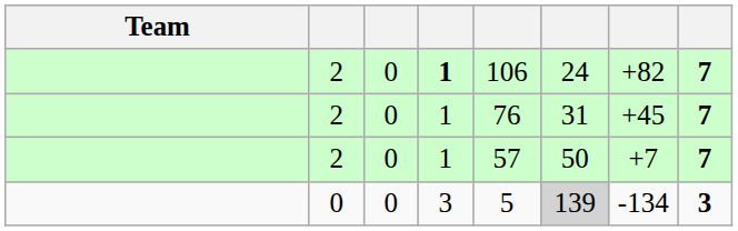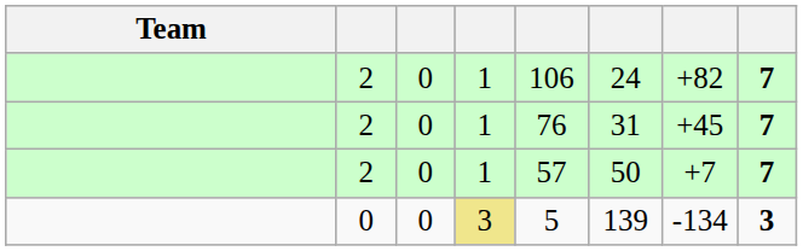 <table class="wikitable" style="text-align:center;">
 <tr>
 <th style="width:10.5em;">Team</th>
 <th style="width:1.5em;"></th>
 <th style="width:1.5em;"></th>
 <th style="width:1.5em;"></th>
 <th style="width:2.0em;"></th>
 <th style="width:2.0em;"></th>
 <th style="width:2.0em;"></th>
 <th style="width:1.5em;"></th>
 </tr>
 <tr bgcolor=#cfc>
 <td align="left"></td>
 <td>2</td>
 <td>0</td>
-<td><strong>1</strong></td>
+<td>1</td>
 <td>106</td>
 <td>24</td>
 <td>+82</td>
 <td><strong>7</strong></td>
 </tr>
 <tr bgcolor=#cfc>
 <td align="left"></td>
 <td>2</td>
 <td>0</td>
 <td>1</td>
 <td>76</td>
 <td>31</td>
 <td>+45</td>
 <td><strong>7</strong></td>
 </tr>
 <tr bgcolor="#cfc">
 <td align="left"></td>
 <td>2</td>
 <td>0</td>
 <td>1</td>
 <td>57</td>
 <td>50</td>
 <td>+7</td>
 <td><strong>7</strong></td>
 </tr>
 <tr>
 <td align="left"></td>
 <td>0</td>
 <td>0</td>
-<td>3</td>
+<td style="background: khaki;">3</td>
 <td>5</td>
-<td style="background: lightgrey;">139</td>
+<td>139</td>
 <td>-134</td>
 <td><strong>3</strong></td>
 </tr>
 </table>
